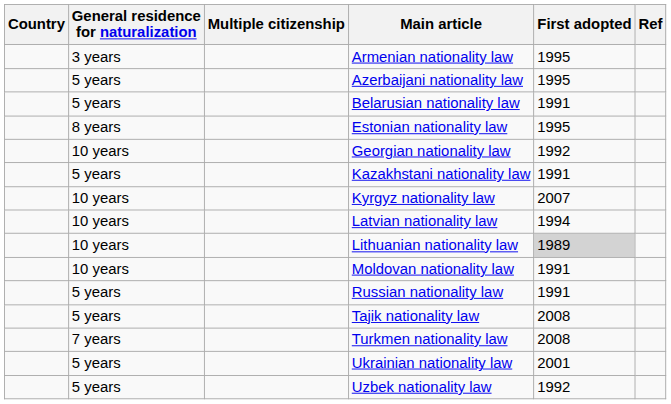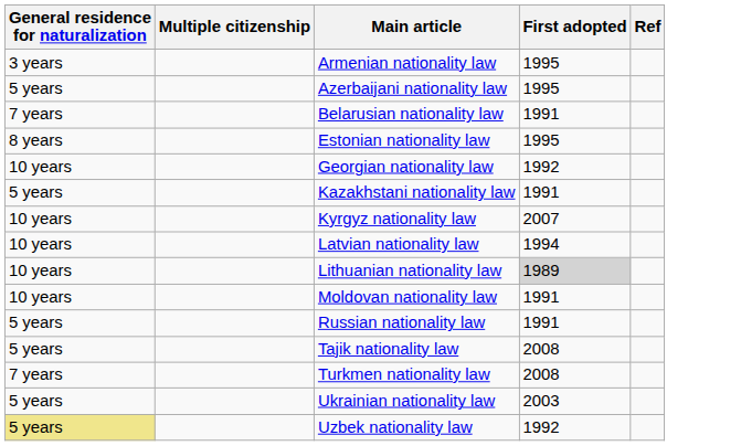 <table class="wikitable sortable">
 <tr>
-<th class=unsortable>Country</th>
 <th style=data-sort-type:number;>General residence<br>for <a href='#'>naturalization</a></th>
 <th>Multiple citizenship</th>
 <th>Main article</th>
 <th>First adopted</th>
 <th class=unsortable>Ref</th>
 </tr>
 <tr>
-<td></td>
 <td>3 years</td>
 <td></td>
 <td><a href='#'>Armenian nationality law</a></td>
 <td>1995</td>
 <td></td>
 </tr>
 <tr>
-<td></td>
 <td>5 years</td>
 <td></td>
 <td><a href='#'>Azerbaijani nationality law</a></td>
 <td>1995</td>
 <td></td>
 </tr>
 <tr>
-<td></td>
-<td>5 years</td>
+<td>7 years</td>
 <td></td>
 <td><a href='#'>Belarusian nationality law</a></td>
 <td>1991</td>
 <td></td>
 </tr>
 <tr>
-<td></td>
 <td>8 years</td>
 <td></td>
 <td><a href='#'>Estonian nationality law</a></td>
 <td>1995</td>
 <td></td>
 </tr>
 <tr>
-<td></td>
 <td>10 years</td>
 <td></td>
 <td><a href='#'>Georgian nationality law</a></td>
 <td>1992</td>
 <td></td>
 </tr>
 <tr>
-<td></td>
 <td>5 years</td>
 <td></td>
 <td><a href='#'>Kazakhstani nationality law</a></td>
 <td>1991</td>
 <td></td>
 </tr>
 <tr>
-<td></td>
 <td>10 years</td>
 <td></td>
 <td><a href='#'>Kyrgyz nationality law</a></td>
 <td>2007</td>
 <td></td>
 </tr>
 <tr>
-<td></td>
 <td>10 years</td>
 <td></td>
 <td><a href='#'>Latvian nationality law</a></td>
 <td>1994</td>
 <td></td>
 </tr>
 <tr>
-<td></td>
 <td>10 years</td>
 <td></td>
 <td><a href='#'>Lithuanian nationality law</a></td>
 <td style="background: lightgrey;">1989</td>
 <td></td>
 </tr>
 <tr>
-<td></td>
 <td>10 years</td>
 <td></td>
 <td><a href='#'>Moldovan nationality law</a></td>
 <td>1991</td>
 <td></td>
 </tr>
 <tr>
-<td></td>
 <td>5 years</td>
 <td></td>
 <td><a href='#'>Russian nationality law</a></td>
 <td>1991</td>
 <td></td>
 </tr>
 <tr>
-<td></td>
 <td>5 years</td>
 <td></td>
 <td><a href='#'>Tajik nationality law</a></td>
 <td>2008</td>
 <td></td>
 </tr>
 <tr>
-<td></td>
 <td>7 years</td>
 <td></td>
 <td><a href='#'>Turkmen nationality law</a></td>
 <td>2008</td>
 <td></td>
 </tr>
 <tr>
-<td></td>
 <td>5 years</td>
 <td></td>
 <td><a href='#'>Ukrainian nationality law</a></td>
-<td>2001</td>
+<td>2003</td>
 <td></td>
 </tr>
 <tr>
-<td></td>
-<td>5 years</td>
+<td style="background: khaki;">5 years</td>
 <td></td>
 <td><a href='#'>Uzbek nationality law</a></td>
 <td>1992</td>
 <td></td>
 </tr>
 </table>
